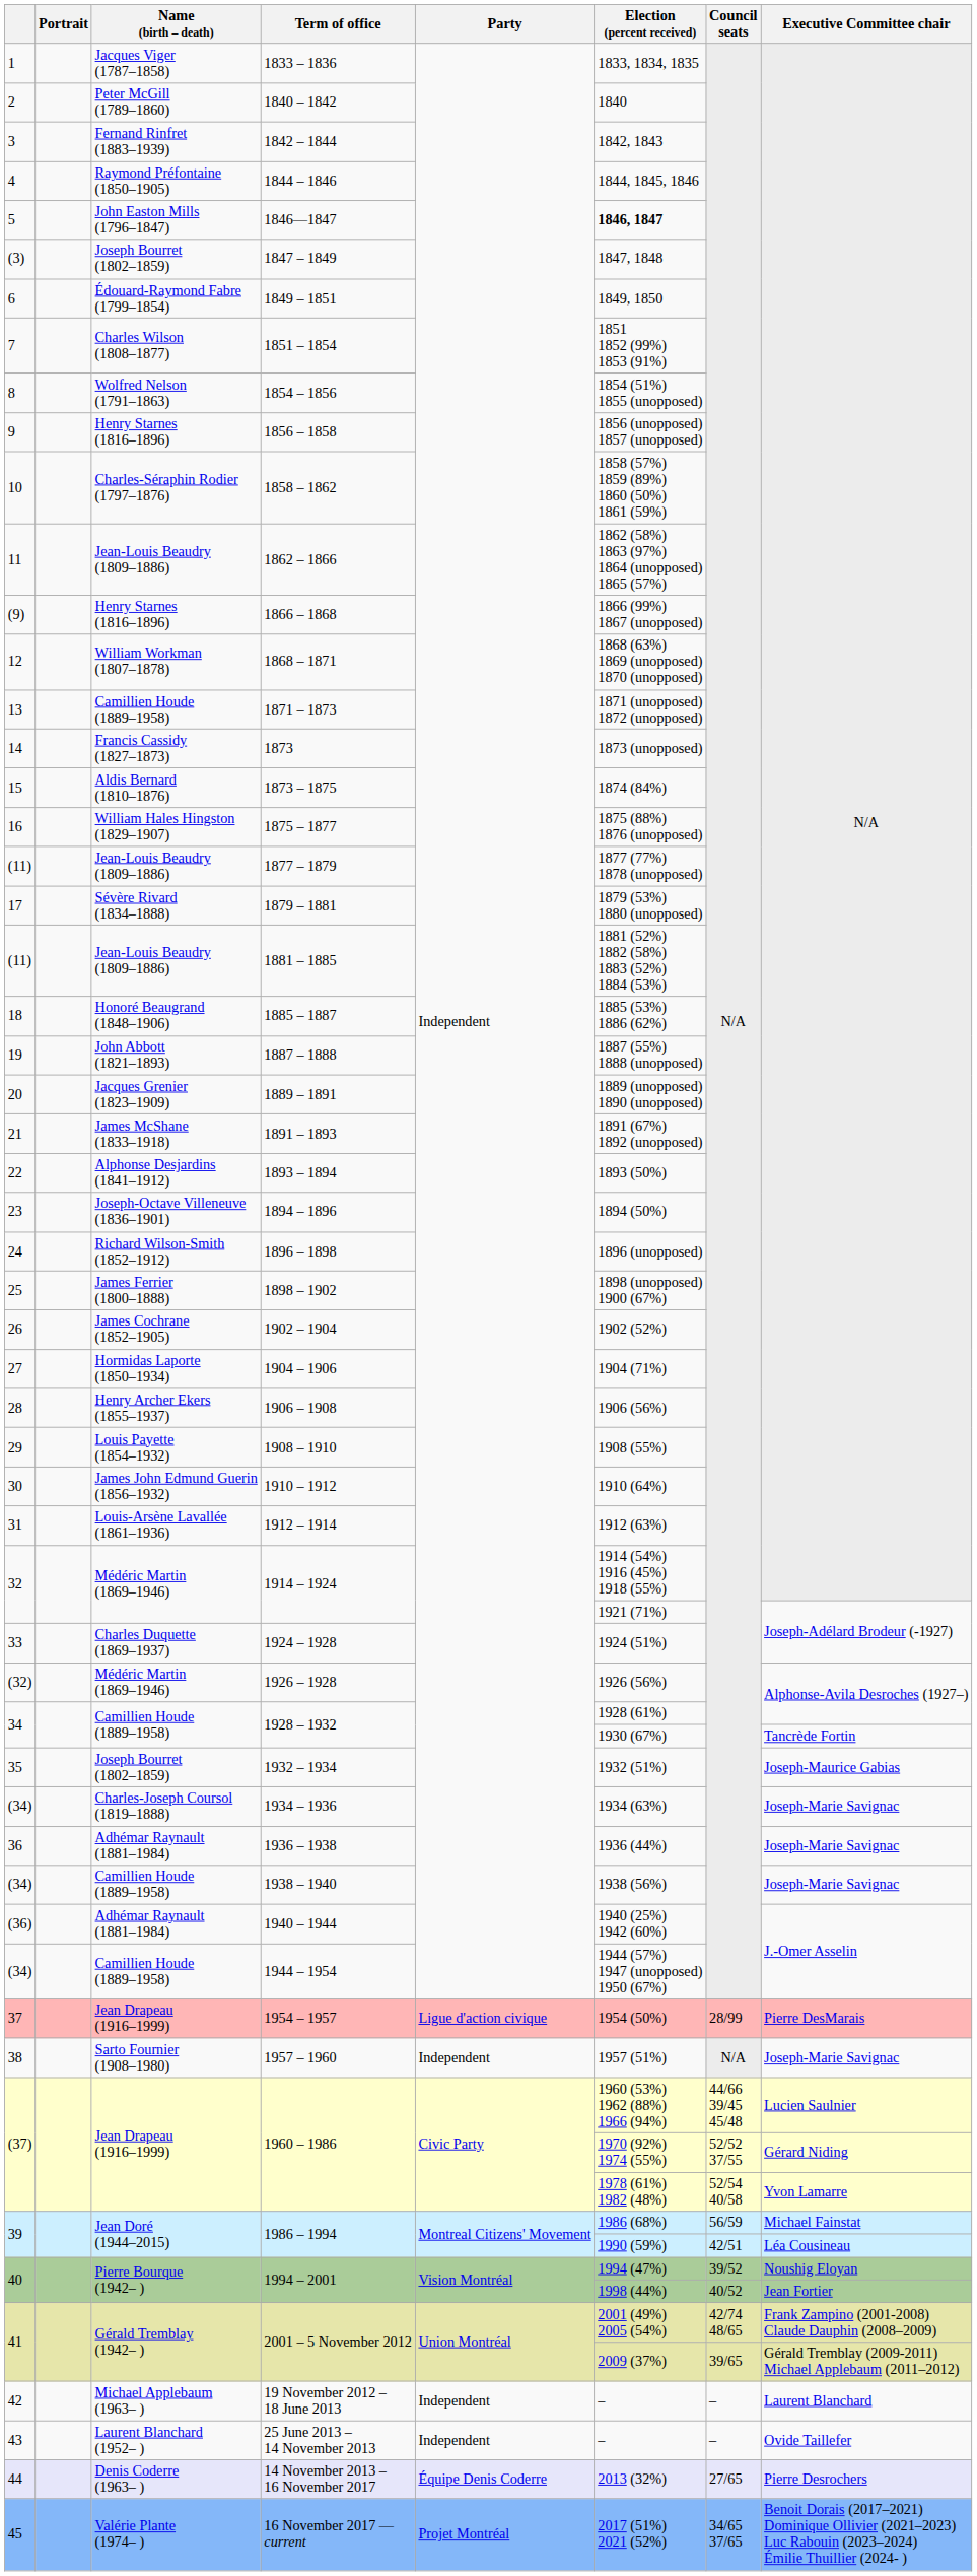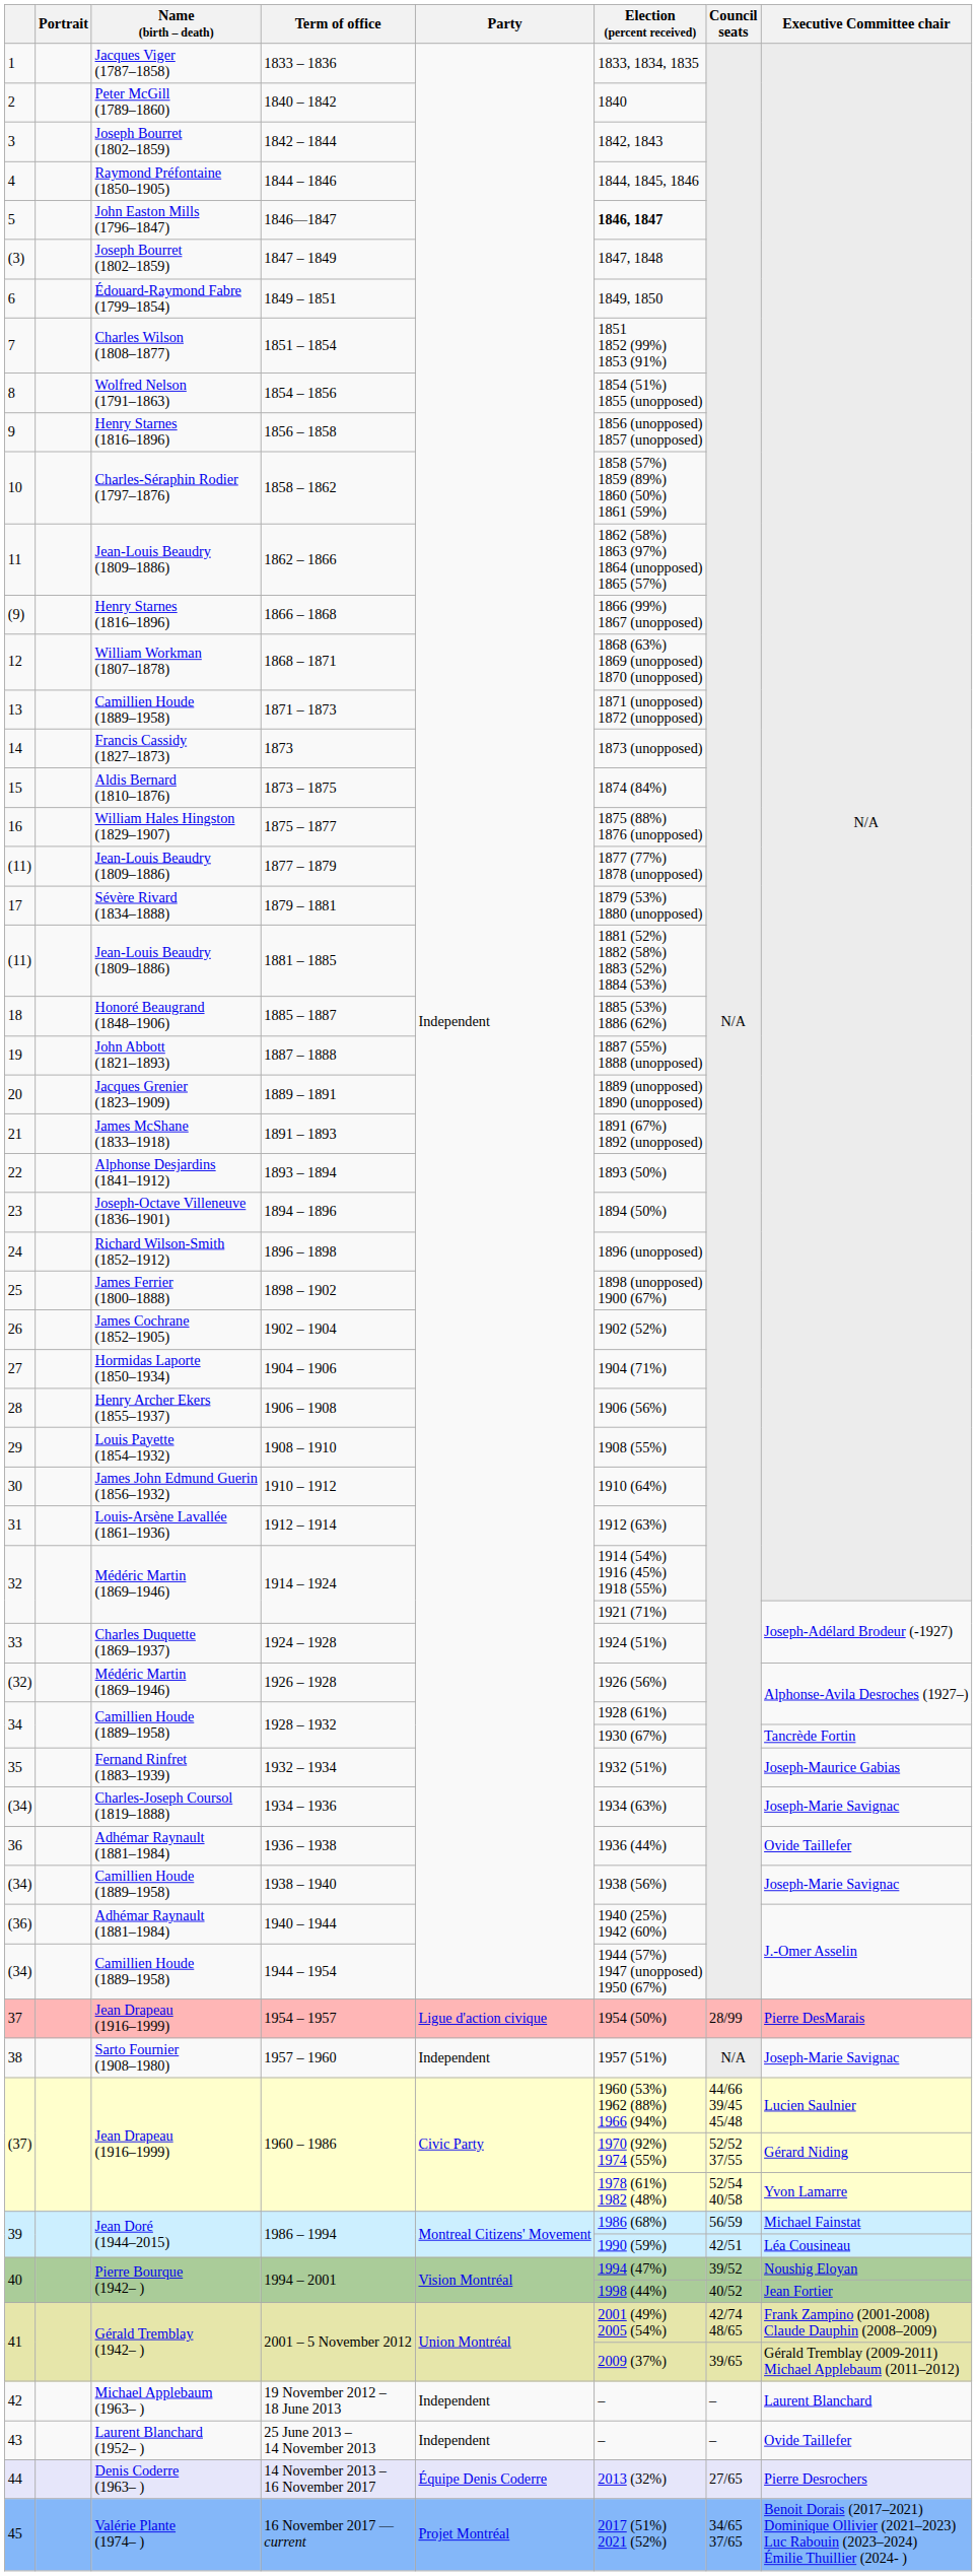 <table class="wikitable ">
 <tr>
 <th></th>
 <th>Portrait</th>
 <th>Name<br><small>(birth – death)</small></th>
 <th>Term of office</th>
 <th>Party</th>
 <th>Election<br><small>(percent received)</small></th>
 <th>Council<br>seats</th>
 <th>Executive Committee chair</th>
 </tr>
 <tr>
 <td>1</td>
 <td></td>
 <td><a href='#'>Jacques Viger</a><br>(1787–1858)</td>
 <td>1833 – 1836</td>
 <td rowspan="48" style=vertical-align: middle; text-align: center>Independent</td>
 <td>1833, 1834, 1835</td>
 <td rowspan="48" style="background: #ececec; vertical-align: middle; text-align: center">N/A</td>
 <td rowspan="36" style="background: #ececec; vertical-align: middle; text-align: center">N/A</td>
 </tr>
 <tr>
 <td>2</td>
 <td></td>
 <td><a href='#'>Peter McGill</a><br>(1789–1860)</td>
 <td>1840 – 1842</td>
 <td>1840</td>
 </tr>
 <tr>
 <td>3</td>
 <td></td>
-<td><a href='#'>Fernand Rinfret</a><br>(1883–1939)</td>
+<td><a href='#'>Joseph Bourret</a><br>(1802–1859)</td>
 <td>1842 – 1844</td>
 <td>1842, 1843</td>
 </tr>
 <tr>
 <td>4</td>
 <td></td>
 <td><a href='#'>Raymond Préfontaine</a><br>(1850–1905)</td>
 <td>1844 – 1846</td>
 <td>1844, 1845, 1846</td>
 </tr>
 <tr>
 <td>5</td>
 <td></td>
 <td><a href='#'>John Easton Mills</a><br>(1796–1847)</td>
 <td>1846—1847</td>
 <td><strong>1846, 1847</strong></td>
 </tr>
 <tr>
 <td>(3)</td>
 <td></td>
 <td><a href='#'>Joseph Bourret</a><br>(1802–1859)</td>
 <td>1847 – 1849</td>
 <td>1847, 1848</td>
 </tr>
 <tr>
 <td>6</td>
 <td></td>
 <td><a href='#'>Édouard-Raymond Fabre</a><br>(1799–1854)</td>
 <td>1849 – 1851</td>
 <td>1849, 1850</td>
 </tr>
 <tr>
 <td>7</td>
 <td></td>
 <td><a href='#'>Charles Wilson</a><br>(1808–1877)</td>
 <td>1851 – 1854</td>
 <td>1851<br>1852 (99%)<br>1853 (91%)</td>
 </tr>
 <tr>
 <td>8</td>
 <td></td>
 <td><a href='#'>Wolfred Nelson</a><br>(1791–1863)</td>
 <td>1854 – 1856</td>
 <td>1854 (51%)<br>1855 (unopposed)</td>
 </tr>
 <tr>
 <td>9</td>
 <td></td>
 <td><a href='#'>Henry Starnes</a><br>(1816–1896)</td>
 <td>1856 – 1858</td>
 <td>1856 (unopposed)<br>1857 (unopposed)</td>
 </tr>
 <tr>
 <td>10</td>
 <td></td>
 <td><a href='#'>Charles-Séraphin Rodier</a><br>(1797–1876)</td>
 <td>1858 – 1862</td>
 <td>1858 (57%)<br>1859 (89%)<br>1860 (50%)<br>1861 (59%)</td>
 </tr>
 <tr>
 <td>11</td>
 <td></td>
 <td><a href='#'>Jean-Louis Beaudry</a><br>(1809–1886)</td>
 <td>1862 – 1866</td>
 <td>1862 (58%)<br>1863 (97%)<br>1864 (unopposed)<br>1865 (57%)</td>
 </tr>
 <tr>
 <td>(9)</td>
 <td></td>
 <td><a href='#'>Henry Starnes</a><br>(1816–1896)</td>
 <td>1866 – 1868</td>
 <td>1866 (99%)<br>1867 (unopposed)</td>
 </tr>
 <tr>
 <td>12</td>
 <td></td>
 <td><a href='#'>William Workman</a><br>(1807–1878)</td>
 <td>1868 – 1871</td>
 <td>1868 (63%)<br>1869 (unopposed)<br>1870 (unopposed)</td>
 </tr>
 <tr>
 <td>13</td>
 <td></td>
 <td><a href='#'>Camillien Houde</a><br>(1889–1958)</td>
 <td>1871 – 1873</td>
 <td>1871 (unopposed)<br>1872 (unopposed)</td>
 </tr>
 <tr>
 <td>14</td>
 <td></td>
 <td><a href='#'>Francis Cassidy</a><br>(1827–1873)</td>
 <td>1873</td>
 <td>1873 (unopposed)</td>
 </tr>
 <tr>
 <td>15</td>
 <td></td>
 <td><a href='#'>Aldis Bernard</a><br>(1810–1876)</td>
 <td>1873 – 1875</td>
 <td>1874 (84%)</td>
 </tr>
 <tr>
 <td>16</td>
 <td></td>
 <td><a href='#'>William Hales Hingston</a><br>(1829–1907)</td>
 <td>1875 – 1877</td>
 <td>1875 (88%)<br>1876 (unopposed)</td>
 </tr>
 <tr>
 <td>(11)</td>
 <td></td>
 <td><a href='#'>Jean-Louis Beaudry</a><br>(1809–1886)</td>
 <td>1877 – 1879</td>
 <td>1877 (77%)<br>1878 (unopposed)</td>
 </tr>
 <tr>
 <td>17</td>
 <td></td>
 <td><a href='#'>Sévère Rivard</a><br>(1834–1888)</td>
 <td>1879 – 1881</td>
 <td>1879 (53%)<br>1880 (unopposed)</td>
 </tr>
 <tr>
 <td>(11)</td>
 <td></td>
 <td><a href='#'>Jean-Louis Beaudry</a><br>(1809–1886)</td>
 <td>1881 – 1885</td>
 <td>1881 (52%)<br>1882 (58%)<br>1883 (52%)<br>1884 (53%)</td>
 </tr>
 <tr>
 <td>18</td>
 <td></td>
 <td><a href='#'>Honoré Beaugrand</a><br>(1848–1906)</td>
 <td>1885 – 1887</td>
 <td>1885 (53%)<br>1886 (62%)</td>
 </tr>
 <tr>
 <td>19</td>
 <td></td>
 <td><a href='#'>John Abbott</a><br>(1821–1893)</td>
 <td>1887 – 1888</td>
 <td>1887 (55%)<br>1888 (unopposed)</td>
 </tr>
 <tr>
 <td>20</td>
 <td></td>
 <td><a href='#'>Jacques Grenier</a><br>(1823–1909)</td>
 <td>1889 – 1891</td>
 <td>1889 (unopposed)<br>1890 (unopposed)</td>
 </tr>
 <tr>
 <td>21</td>
 <td></td>
 <td><a href='#'>James McShane</a><br>(1833–1918)</td>
 <td>1891 – 1893</td>
 <td>1891 (67%)<br>1892 (unopposed)</td>
 </tr>
 <tr>
 <td>22</td>
 <td></td>
 <td><a href='#'>Alphonse Desjardins</a><br>(1841–1912)</td>
 <td>1893 – 1894</td>
 <td>1893 (50%)</td>
 </tr>
 <tr>
 <td>23</td>
 <td></td>
 <td><a href='#'>Joseph-Octave Villeneuve</a><br>(1836–1901)</td>
 <td>1894 – 1896</td>
 <td>1894 (50%)</td>
 </tr>
 <tr>
 <td>24</td>
 <td></td>
 <td><a href='#'>Richard Wilson-Smith</a><br>(1852–1912)</td>
 <td>1896 – 1898</td>
 <td>1896 (unopposed)</td>
 </tr>
 <tr>
 <td>25</td>
 <td></td>
 <td><a href='#'>James Ferrier</a><br>(1800–1888)</td>
 <td>1898 – 1902</td>
 <td>1898 (unopposed)<br>1900 (67%)</td>
 </tr>
 <tr>
 <td>26</td>
 <td></td>
 <td><a href='#'>James Cochrane</a><br>(1852–1905)</td>
 <td>1902 – 1904</td>
 <td>1902 (52%)</td>
 </tr>
 <tr>
 <td>27</td>
 <td></td>
 <td><a href='#'>Hormidas Laporte</a><br>(1850–1934)</td>
 <td>1904 – 1906</td>
 <td>1904 (71%)</td>
 </tr>
 <tr>
 <td>28</td>
 <td></td>
 <td><a href='#'>Henry Archer Ekers</a><br>(1855–1937)</td>
 <td>1906 – 1908</td>
 <td>1906 (56%)</td>
 </tr>
 <tr>
 <td>29</td>
 <td></td>
 <td><a href='#'>Louis Payette</a><br>(1854–1932)</td>
 <td>1908 – 1910</td>
 <td>1908 (55%)</td>
 </tr>
 <tr>
 <td>30</td>
 <td></td>
 <td><a href='#'>James John Edmund Guerin</a><br>(1856–1932)</td>
 <td>1910 – 1912</td>
 <td>1910 (64%)</td>
 </tr>
 <tr>
 <td>31</td>
 <td></td>
 <td><a href='#'>Louis-Arsène Lavallée</a><br>(1861–1936)</td>
 <td>1912 – 1914</td>
 <td>1912 (63%)</td>
 </tr>
 <tr>
 <td rowspan="2">32</td>
 <td rowspan="2"></td>
 <td rowspan="2"><a href='#'>Médéric Martin</a><br>(1869–1946)</td>
 <td rowspan="2">1914 – 1924</td>
 <td>1914 (54%)<br>1916 (45%)<br>1918 (55%)</td>
 </tr>
 <tr>
 <td>1921 (71%)</td>
 <td rowspan="3"><a href='#'>Joseph-Adélard Brodeur</a> (-1927)</td>
 </tr>
 <tr>
 <td>33</td>
 <td></td>
 <td><a href='#'>Charles Duquette</a><br>(1869–1937)</td>
 <td>1924 – 1928</td>
 <td>1924 (51%)</td>
 </tr>
 <tr>
 <td rowspan="2">(32)</td>
 <td rowspan="2"></td>
 <td rowspan="2"><a href='#'>Médéric Martin</a><br>(1869–1946)</td>
 <td rowspan="2">1926 – 1928</td>
 <td rowspan="2">1926 (56%)</td>
 </tr>
 <tr>
 <td rowspan="2"><a href='#'>Alphonse-Avila Desroches</a> (1927–)</td>
 </tr>
 <tr>
 <td rowspan="2">34</td>
 <td rowspan="2"></td>
 <td rowspan="2"><a href='#'>Camillien Houde</a><br>(1889–1958)</td>
 <td rowspan="2">1928 – 1932</td>
 <td>1928 (61%)</td>
 </tr>
 <tr>
 <td>1930 (67%)</td>
 <td><a href='#'>Tancrède Fortin</a></td>
 </tr>
 <tr>
 <td>35</td>
 <td></td>
-<td><a href='#'>Joseph Bourret</a><br>(1802–1859)</td>
+<td><a href='#'>Fernand Rinfret</a><br>(1883–1939)</td>
 <td>1932 – 1934</td>
 <td>1932 (51%)</td>
 <td><a href='#'>Joseph-Maurice Gabias</a></td>
 </tr>
 <tr>
 <td>(34)</td>
 <td></td>
 <td><a href='#'>Charles-Joseph Coursol</a><br>(1819–1888)</td>
 <td>1934 – 1936</td>
 <td>1934 (63%)</td>
 <td><a href='#'>Joseph-Marie Savignac</a></td>
 </tr>
 <tr>
 <td>36</td>
 <td></td>
 <td><a href='#'>Adhémar Raynault</a><br>(1881–1984)</td>
 <td>1936 – 1938</td>
 <td>1936 (44%)</td>
-<td><a href='#'>Joseph-Marie Savignac</a></td>
+<td><a href='#'>Ovide Taillefer</a></td>
 </tr>
 <tr>
 <td>(34)</td>
 <td></td>
 <td><a href='#'>Camillien Houde</a><br>(1889–1958)</td>
 <td>1938 – 1940</td>
 <td>1938 (56%)</td>
 <td><a href='#'>Joseph-Marie Savignac</a></td>
 </tr>
 <tr>
 <td>(36)</td>
 <td></td>
 <td><a href='#'>Adhémar Raynault</a><br>(1881–1984)</td>
 <td>1940 – 1944</td>
 <td>1940 (25%)<br>1942 (60%)</td>
 <td rowspan="2"><a href='#'>J.-Omer Asselin</a></td>
 </tr>
 <tr>
 <td>(34)</td>
 <td></td>
 <td><a href='#'>Camillien Houde</a><br>(1889–1958)</td>
 <td>1944 – 1954</td>
 <td>1944 (57%)<br>1947 (unopposed)<br>1950 (67%)</td>
 </tr>
 <tr>
 <td bgcolor="#FFB6B6">37</td>
 <td bgcolor="#FFB6B6"></td>
 <td bgcolor="#FFB6B6"><a href='#'>Jean Drapeau</a><br>(1916–1999)</td>
 <td bgcolor="#FFB6B6">1954 – 1957</td>
 <td bgcolor="#FFB6B6"><a href='#'>Ligue d'action civique</a></td>
 <td bgcolor="#FFB6B6">1954 (50%)</td>
 <td bgcolor="#FFB6B6">28/99</td>
 <td bgcolor="#FFB6B6"><a href='#'>Pierre DesMarais</a></td>
 </tr>
 <tr>
 <td>38</td>
 <td></td>
 <td><a href='#'>Sarto Fournier</a><br>(1908–1980)</td>
 <td>1957 – 1960</td>
 <td>Independent</td>
 <td>1957 (51%)</td>
 <td style="background: #ececec; vertical-align: middle; text-align: center">N/A</td>
 <td><a href='#'>Joseph-Marie Savignac</a></td>
 </tr>
 <tr>
 <td rowspan="3" bgcolor="#FFFFCC">(37)</td>
 <td rowspan="3" bgcolor="#FFFFCC"></td>
 <td rowspan="3" bgcolor="#FFFFCC"><a href='#'>Jean Drapeau</a><br>(1916–1999)</td>
 <td rowspan="3" bgcolor="#FFFFCC">1960 – 1986</td>
 <td rowspan="3" bgcolor="#FFFFCC"><a href='#'>Civic Party</a></td>
 <td bgcolor="#FFFFCC">1960 (53%)<br>1962 (88%)<br><a href='#'>1966</a> (94%)</td>
 <td bgcolor="#FFFFCC">44/66<br>39/45<br>45/48</td>
 <td bgcolor="#FFFFCC"><a href='#'>Lucien Saulnier</a></td>
 </tr>
 <tr>
 <td bgcolor="#FFFFCC"><a href='#'>1970</a> (92%)<br><a href='#'>1974</a> (55%)</td>
 <td bgcolor="#FFFFCC">52/52<br>37/55</td>
 <td bgcolor="#FFFFCC"><a href='#'>Gérard Niding</a></td>
 </tr>
 <tr>
 <td bgcolor="#FFFFCC"><a href='#'>1978</a> (61%)<br><a href='#'>1982</a> (48%)</td>
 <td bgcolor="#FFFFCC">52/54<br>40/58</td>
 <td bgcolor="#FFFFCC"><a href='#'>Yvon Lamarre</a></td>
 </tr>
 <tr>
 <td rowspan="2" bgcolor="#CCEFFF">39</td>
 <td rowspan="2" bgcolor="#CCEFFF"></td>
 <td rowspan="2" bgcolor="#CCEFFF"><a href='#'>Jean Doré</a><br>(1944–2015)</td>
 <td rowspan="2" bgcolor="#CCEFFF">1986 – 1994</td>
 <td rowspan="2" bgcolor="#CCEFFF"><a href='#'>Montreal Citizens' Movement</a></td>
 <td bgcolor="#CCEFFF"><a href='#'>1986</a> (68%)</td>
 <td bgcolor="#CCEFFF">56/59</td>
 <td bgcolor="#CCEFFF"><a href='#'>Michael Fainstat</a></td>
 </tr>
 <tr>
 <td bgcolor="#CCEFFF"><a href='#'>1990</a> (59%)</td>
 <td bgcolor="#CCEFFF">42/51</td>
 <td bgcolor="#CCEFFF"><a href='#'>Léa Cousineau</a></td>
 </tr>
 <tr>
 <td rowspan="2" bgcolor="#AACC99">40</td>
 <td rowspan="2" bgcolor="#AACC99"></td>
 <td rowspan="2" bgcolor="#AACC99"><a href='#'>Pierre Bourque</a><br>(1942– )</td>
 <td rowspan="2" bgcolor="#AACC99">1994 – 2001</td>
 <td rowspan="2" bgcolor="#AACC99"><a href='#'>Vision Montréal</a></td>
 <td bgcolor="#AACC99"><a href='#'>1994</a> (47%)</td>
 <td bgcolor="#AACC99">39/52</td>
 <td bgcolor="#AACC99"><a href='#'>Noushig Eloyan</a></td>
 </tr>
 <tr>
 <td bgcolor="#AACC99"><a href='#'>1998</a> (44%)</td>
 <td bgcolor="#AACC99">40/52</td>
 <td bgcolor="#AACC99"><a href='#'>Jean Fortier</a></td>
 </tr>
 <tr>
 <td rowspan="2" bgcolor="#E6E6AA">41</td>
 <td rowspan="2" bgcolor="#E6E6AA"></td>
 <td rowspan="2" bgcolor="#E6E6AA"><a href='#'>Gérald Tremblay</a><br>(1942– )</td>
 <td rowspan="2" bgcolor="#E6E6AA">2001 – 5 November 2012</td>
 <td rowspan="2" bgcolor="#E6E6AA"><a href='#'>Union Montréal</a></td>
 <td bgcolor="#E6E6AA"><a href='#'>2001</a> (49%)<br><a href='#'>2005</a> (54%)</td>
 <td bgcolor="#E6E6AA">42/74<br>48/65</td>
 <td bgcolor="#E6E6AA"><a href='#'>Frank Zampino</a> (2001-2008)<br><a href='#'>Claude Dauphin</a> (2008–2009)</td>
 </tr>
 <tr>
 <td bgcolor="#E6E6AA"><a href='#'>2009</a> (37%)</td>
 <td bgcolor="#E6E6AA">39/65</td>
 <td bgcolor="#E6E6AA">Gérald Tremblay (2009-2011)<br><a href='#'>Michael Applebaum</a> (2011–2012)</td>
 </tr>
 <tr>
 <td>42</td>
 <td></td>
 <td><a href='#'>Michael Applebaum</a><br>(1963– )</td>
 <td>19 November 2012 – <br>18 June 2013</td>
 <td>Independent</td>
 <td>–</td>
 <td>–</td>
 <td><a href='#'>Laurent Blanchard</a></td>
 </tr>
 <tr>
 <td>43</td>
 <td></td>
 <td><a href='#'>Laurent Blanchard</a><br>(1952– )</td>
 <td>25 June 2013 – <br>14 November 2013</td>
 <td>Independent</td>
 <td>–</td>
 <td>–</td>
 <td><a href='#'>Ovide Taillefer</a></td>
 </tr>
 <tr>
 <td bgcolor="#E6E6FA">44</td>
 <td bgcolor="#E6E6FA"></td>
 <td bgcolor="#E6E6FA"><a href='#'>Denis Coderre</a><br>(1963– )</td>
 <td bgcolor="#E6E6FA">14 November 2013 – <br>16 November 2017</td>
 <td bgcolor="#E6E6FA"><a href='#'>Équipe Denis Coderre</a></td>
 <td bgcolor="#E6E6FA"><a href='#'>2013</a> (32%)</td>
 <td bgcolor="#E6E6FA">27/65</td>
 <td bgcolor="#E6E6FA"><a href='#'>Pierre Desrochers</a></td>
 </tr>
 <tr>
 <td bgcolor="#84B7F9">45</td>
 <td bgcolor="#84B7F9"></td>
 <td bgcolor="#84B7F9"><a href='#'>Valérie Plante</a><br>(1974– )</td>
 <td bgcolor="#84B7F9">16 November 2017 — <br><em>current</em></td>
 <td bgcolor="#84B7F9"><a href='#'>Projet Montréal</a></td>
 <td bgcolor="#84B7F9"><a href='#'>2017</a> (51%)<br><a href='#'>2021</a> (52%)</td>
 <td bgcolor="#84B7F9">34/65<br>37/65</td>
 <td bgcolor="#84B7F9"><a href='#'>Benoit Dorais</a> (2017–2021)<br><a href='#'>Dominique Ollivier</a> (2021–2023)<br><a href='#'>Luc Rabouin</a> (2023–2024)<br><a href='#'>Émilie Thuillier</a> (2024- )</td>
 </tr>
 </table>
